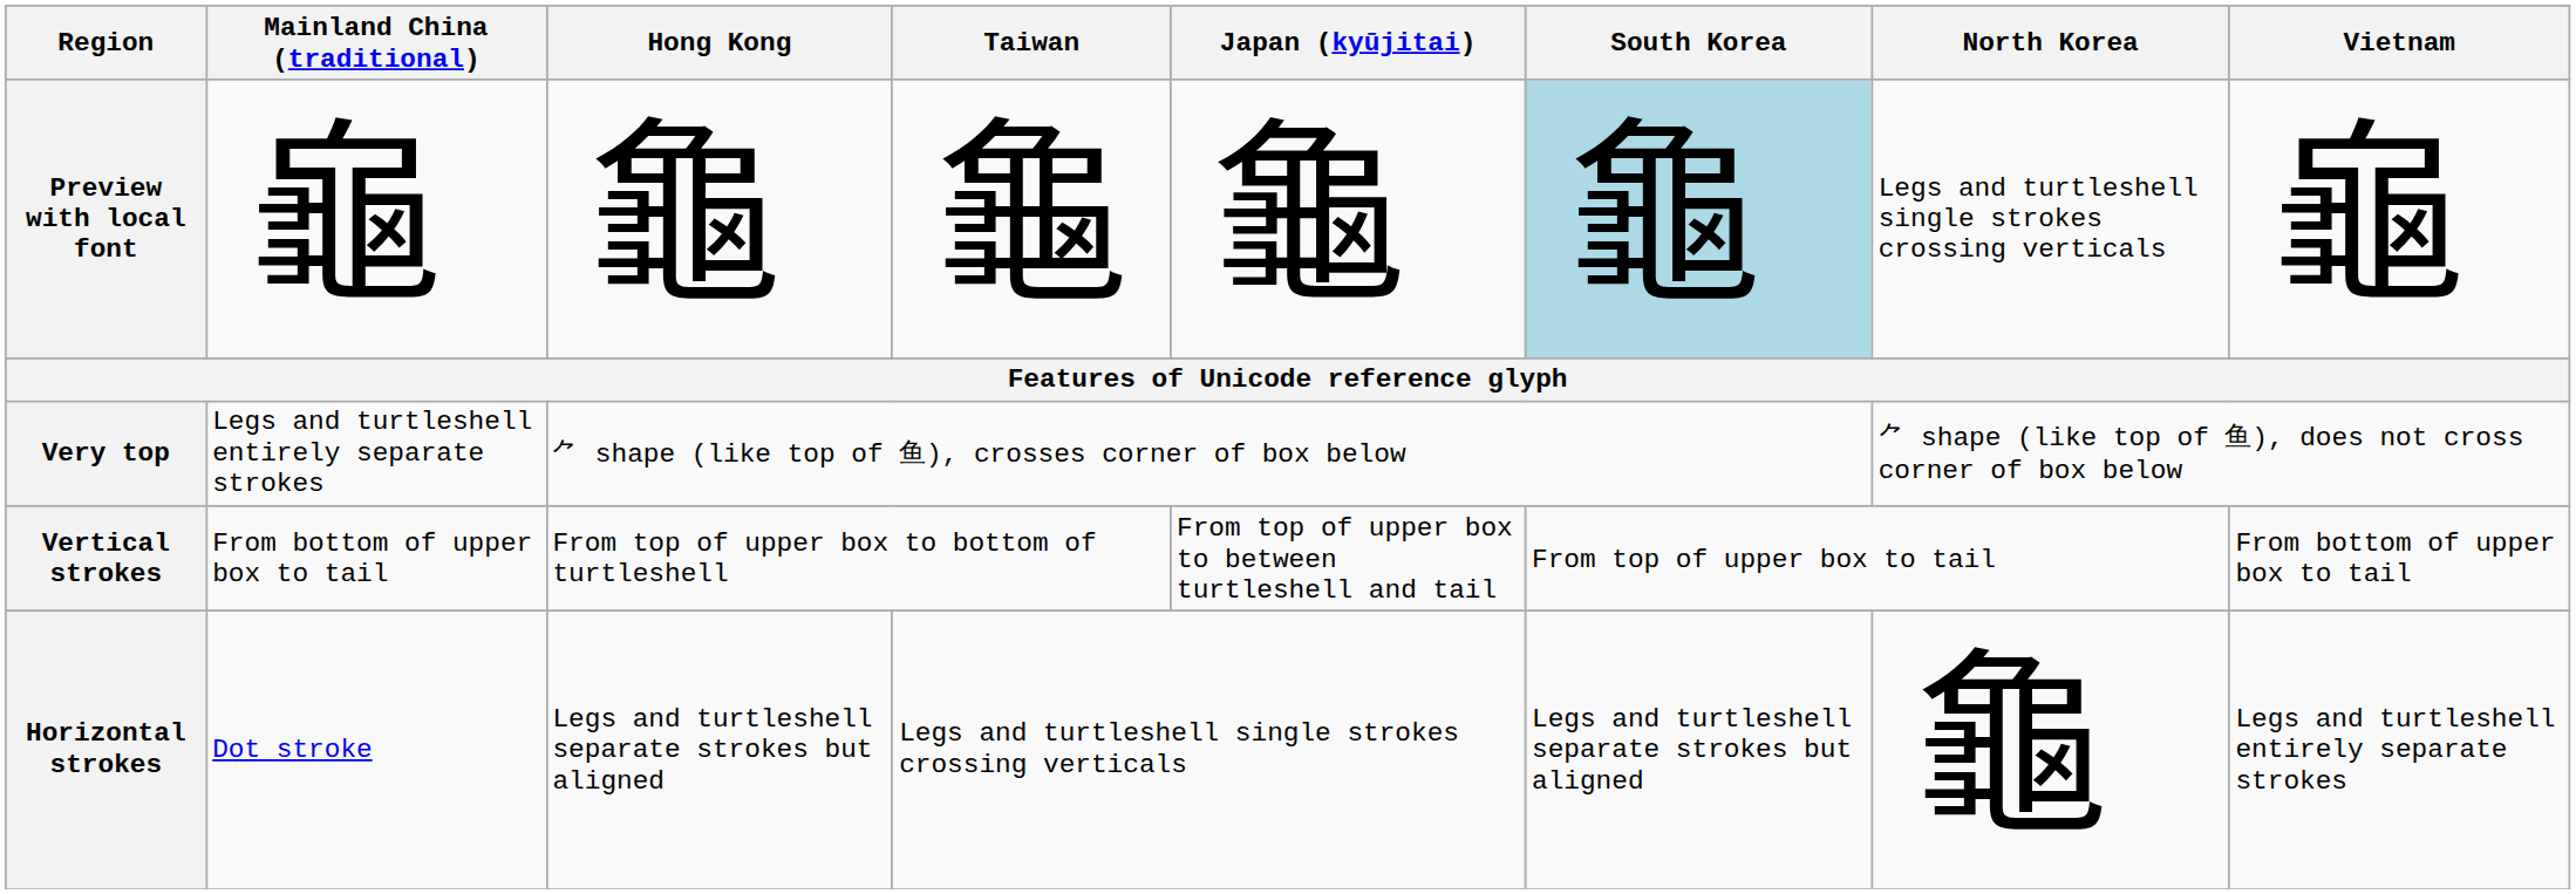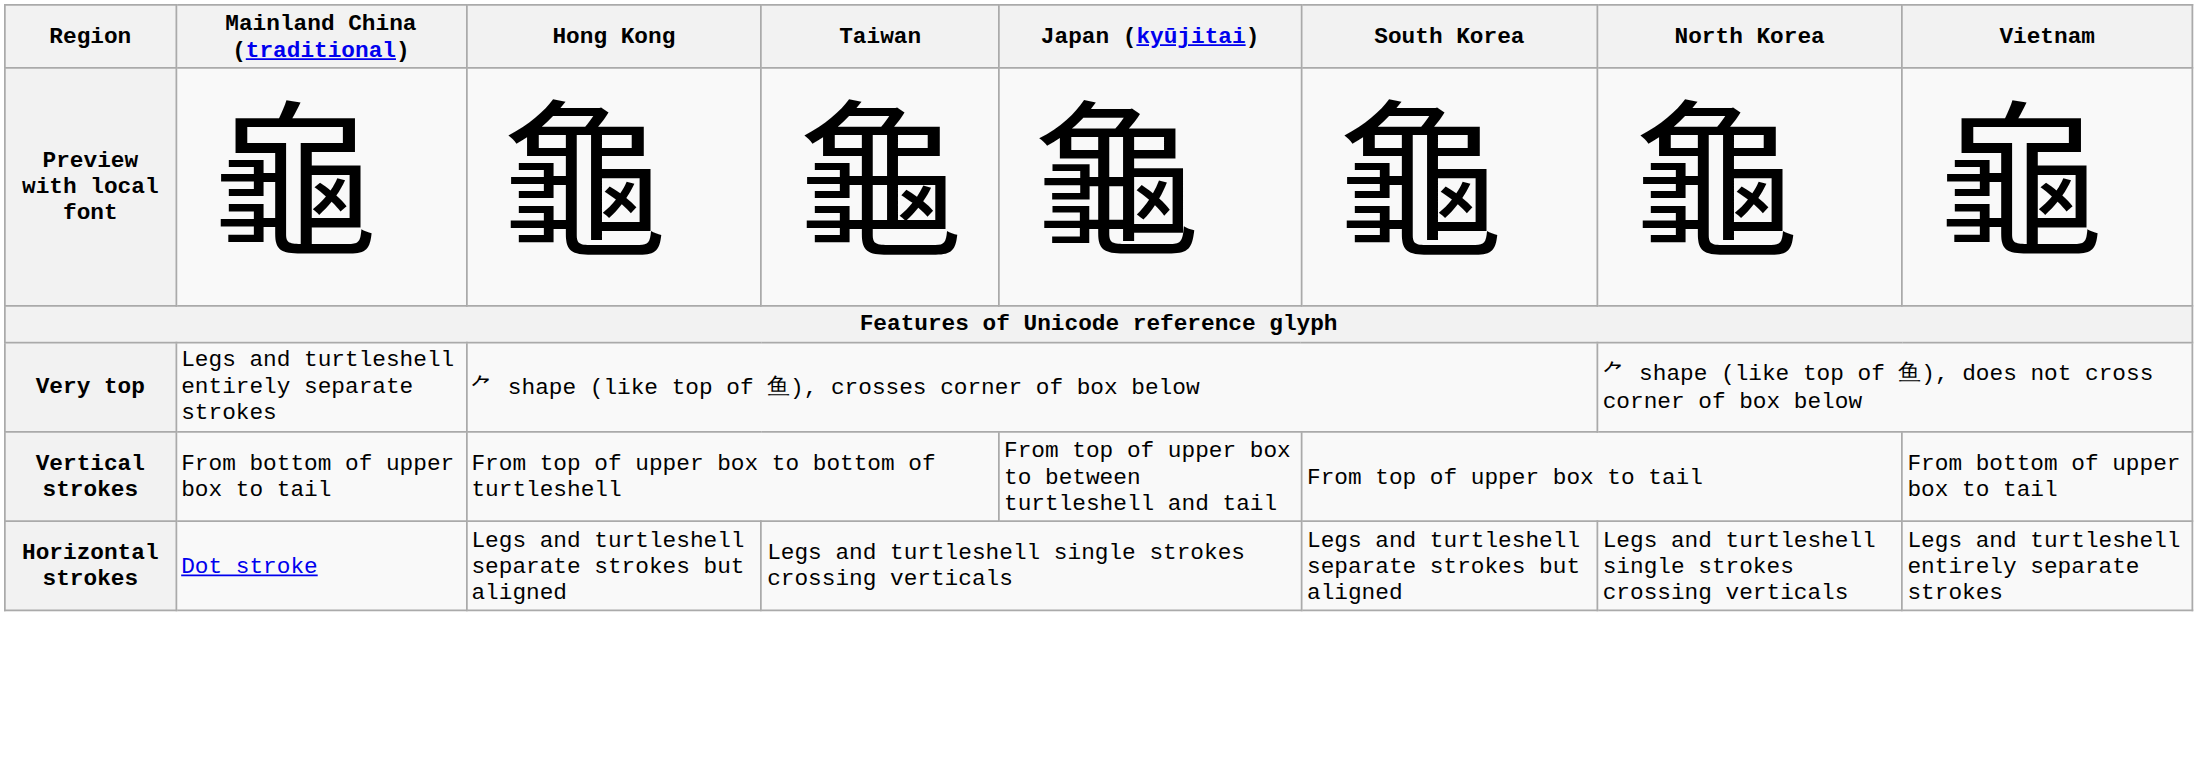 <table class="wikitable">
 <tr>
 <th scope=row>Region</th>
 <th>Mainland China (<a href='#'>traditional</a>)</th>
 <th>Hong Kong</th>
 <th>Taiwan</th>
 <th>Japan (<a href='#'>kyūjitai</a>)</th>
 <th>South Korea</th>
 <th>North Korea</th>
 <th>Vietnam</th>
 </tr>
 <tr>
 <th>Preview with local font</th>
 <td lang="zh-CN" style="font-size:6em;font-family:serif;line-height:100%;">龜</td>
 <td lang="zh-HK" style="font-size:6em;font-family:serif;line-height:100%;">龜</td>
 <td lang="zh-TW" style="font-size:6em;font-family:serif;line-height:100%;">龜</td>
 <td lang="ja" style="font-size:6em;font-family:serif;line-height:100%;">龜</td>
-<td lang="ko-KR" style="background: lightblue; font-size:6em;font-family:serif;line-height:100%;">龜</td>
-<td>Legs and turtleshell single strokes crossing verticals</td>
+<td lang="ko-KR" style="font-size:6em;font-family:serif;line-height:100%;">龜</td>
+<td lang="ko-KP" style="font-size:6em;font-family:serif;line-height:100%;">龜</td>
 <td lang="vi-Hani" style="font-size:6em;font-family:serif;line-height:100%;">龜</td>
 </tr>
 <tr>
 <th colspan=8>Features of Unicode reference glyph</th>
 </tr>
 <tr>
 <th>Very top</th>
 <td>Legs and turtleshell entirely separate strokes</td>
 <td colspan=4>⺈ shape (like top of 鱼), crosses corner of box below</td>
 <td colspan=2>⺈ shape (like top of 鱼), does not cross corner of box below</td>
 </tr>
 <tr>
 <th>Vertical strokes</th>
 <td>From bottom of upper box to tail</td>
 <td colspan=2>From top of upper box to bottom of turtleshell</td>
 <td>From top of upper box to between turtleshell and tail</td>
 <td colspan=2>From top of upper box to tail</td>
 <td>From bottom of upper box to tail</td>
 </tr>
 <tr>
 <th>Horizontal strokes</th>
 <td><a href='#'>Dot stroke</a></td>
 <td>Legs and turtleshell separate strokes but aligned</td>
 <td colspan=2>Legs and turtleshell single strokes crossing verticals</td>
 <td>Legs and turtleshell separate strokes but aligned</td>
-<td lang="ko-KP" style="font-size:6em;font-family:serif;line-height:100%;">龜</td>
+<td>Legs and turtleshell single strokes crossing verticals</td>
 <td>Legs and turtleshell entirely separate strokes</td>
 </tr>
 </table>
